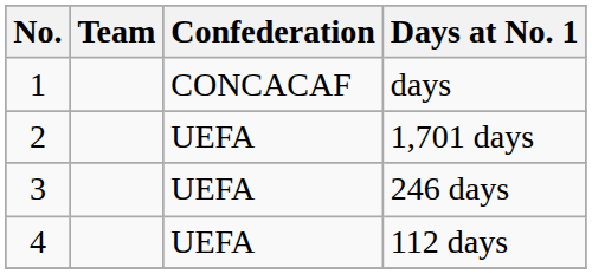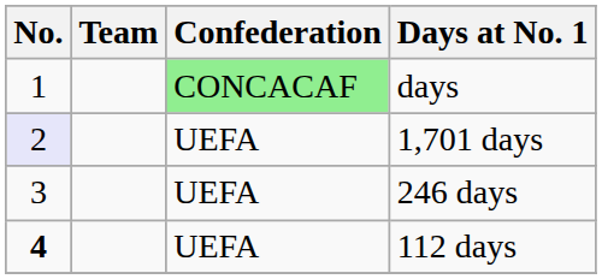 <table class="wikitable">
 <tr>
 <th>No.</th>
 <th>Team</th>
 <th>Confederation</th>
 <th>Days at No. 1</th>
 </tr>
 <tr>
 <td style="text-align:center">1</td>
 <td></td>
-<td>CONCACAF</td>
+<td style="background: lightgreen;">CONCACAF</td>
 <td> days </td>
 </tr>
 <tr>
-<td style="text-align:center">2</td>
+<td style="background: lavender; text-align:center">2</td>
 <td></td>
 <td>UEFA</td>
 <td>1,701 days</td>
 </tr>
 <tr>
 <td style="text-align:center">3</td>
 <td></td>
 <td>UEFA</td>
 <td>246 days</td>
 </tr>
 <tr>
-<td style="text-align:center">4</td>
+<td style="text-align:center"><strong>4</strong></td>
 <td></td>
 <td>UEFA</td>
 <td>112 days</td>
 </tr>
 <tr>
 </tr>
 </table>
